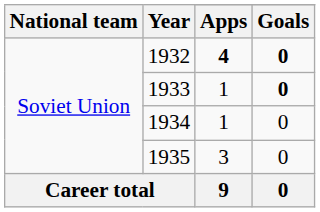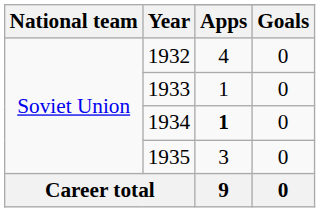 <table class="wikitable" style="text-align: center">
 <tr>
 <th rowspan=2>National team</th>
 <th rowspan=2>Year</th>
 </tr>
 <tr>
 <th>Apps</th>
 <th>Goals</th>
 </tr>
 <tr>
 <td rowspan=4><a href='#'>Soviet Union</a></td>
 <td>1932</td>
-<td><strong>4</strong></td>
-<td><strong>0</strong></td>
+<td>4</td>
+<td>0</td>
 </tr>
 <tr>
 <td>1933</td>
 <td>1</td>
-<td><strong>0</strong></td>
+<td>0</td>
 </tr>
 <tr>
 <td>1934</td>
-<td>1</td>
+<td><strong>1</strong></td>
 <td>0</td>
 </tr>
 <tr>
 <td>1935</td>
 <td>3</td>
 <td>0</td>
 </tr>
 <tr>
 <th colspan=2>Career total</th>
 <th>9</th>
 <th>0</th>
 </tr>
 </table>
